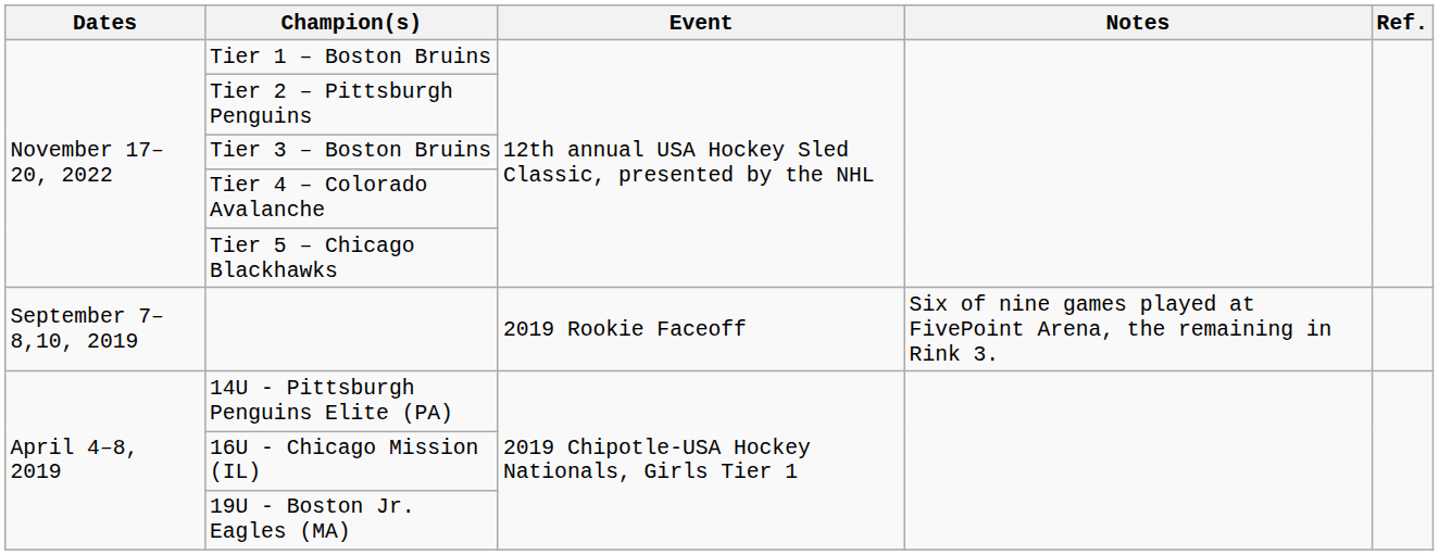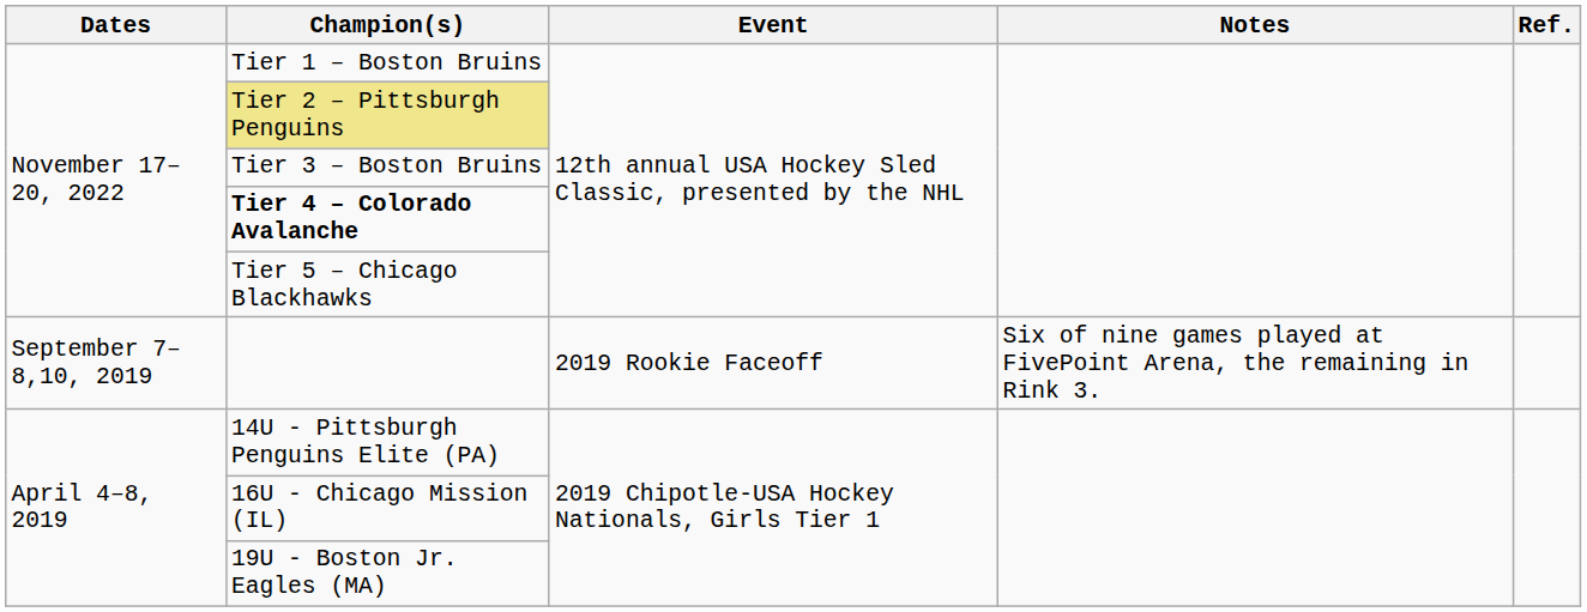 <table class="wikitable">
 <tr>
 <th>Dates</th>
 <th>Champion(s)</th>
 <th>Event</th>
 <th>Notes</th>
 <th>Ref.</th>
 </tr>
 <tr>
 <td rowspan="5">November 17–20, 2022</td>
 <td>Tier 1 – Boston Bruins</td>
 <td rowspan="5">12th annual USA Hockey Sled Classic, presented by the NHL</td>
 <td rowspan="5"></td>
 <td rowspan="5"></td>
 </tr>
 <tr>
-<td>Tier 2 – Pittsburgh Penguins</td>
+<td style="background: khaki;">Tier 2 – Pittsburgh Penguins</td>
 </tr>
 <tr>
 <td>Tier 3 – Boston Bruins</td>
 </tr>
 <tr>
-<td>Tier 4 – Colorado Avalanche</td>
+<td><strong>Tier 4 – Colorado Avalanche</strong></td>
 </tr>
 <tr>
 <td>Tier 5 – Chicago Blackhawks</td>
 </tr>
 <tr>
 <td>September 7–8,10, 2019</td>
 <td></td>
 <td>2019 Rookie Faceoff</td>
 <td>Six of nine games played at FivePoint Arena, the remaining in Rink 3.</td>
 <td></td>
 </tr>
 <tr>
 <td rowspan="3">April 4–8, 2019</td>
 <td>14U - Pittsburgh Penguins Elite (PA)</td>
 <td rowspan="3">2019 Chipotle-USA Hockey Nationals, Girls Tier 1</td>
 <td rowspan="3"></td>
 <td rowspan="3"></td>
 </tr>
 <tr>
 <td>16U - Chicago Mission (IL)</td>
 </tr>
 <tr>
 <td>19U - Boston Jr. Eagles (MA)</td>
 </tr>
 </table>
